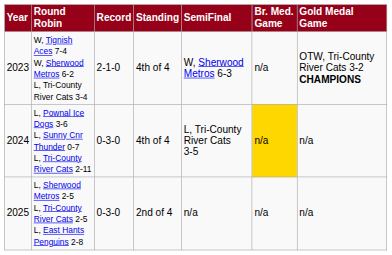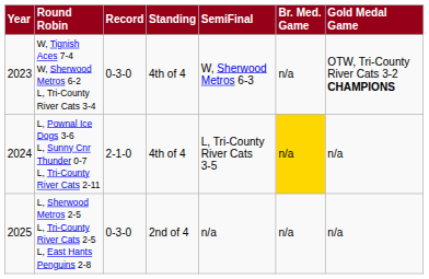 <table class="wikitable">
 <tr style="font-weight:bold; color:#FFFFFF" bgcolor="#960018" |>
 <td>Year</td>
 <td>Round Robin</td>
 <td>Record</td>
 <td>Standing</td>
 <td>SemiFinal</td>
 <td>Br. Med. Game</td>
 <td>Gold Medal Game</td>
 </tr>
 <tr>
 <td>2023</td>
 <td><small>W, <a href='#'>Tignish Aces</a> 7-4<br>W, <a href='#'>Sherwood Metros</a> 6-2<br>L, Tri-County River Cats 3-4</small></td>
-<td>2-1-0</td>
+<td>0-3-0</td>
 <td>4th of 4</td>
 <td>W, <a href='#'>Sherwood Metros</a> 6-3</td>
 <td>n/a</td>
 <td>OTW, Tri-County River Cats 3-2<br><strong>CHAMPIONS</strong></td>
 </tr>
 <tr>
 <td>2024</td>
 <td><small>L, <a href='#'>Pownal Ice Dogs</a> 3-6<br>L, <a href='#'>Sunny Cnr Thunder</a> 0-7<br>L, <a href='#'>Tri-County River Cats</a> 2-11</small></td>
-<td>0-3-0</td>
+<td>2-1-0</td>
 <td>4th of 4</td>
 <td>L, Tri-County River Cats <br>3-5</td>
 <td style="background: gold;">n/a</td>
 <td>n/a</td>
 </tr>
 <tr>
 <td>2025</td>
 <td><small>L, <a href='#'>Sherwood Metros</a> 2-5<br>L, <a href='#'>Tri-County River Cats</a> 2-5<br>L, <a href='#'>East Hants Penguins</a> 2-8</small></td>
 <td>0-3-0</td>
 <td>2nd of 4</td>
 <td>n/a</td>
 <td>n/a</td>
 <td>n/a</td>
 </tr>
 </table>
